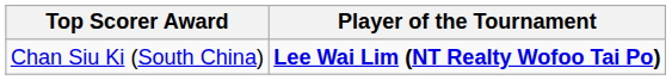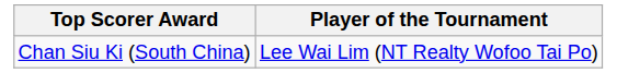 <table class="wikitable" style="margin: 0 auto;">
 <tr>
 <th>Top Scorer Award</th>
 <th>Player of the Tournament</th>
 </tr>
 <tr>
 <td> <a href='#'>Chan Siu Ki</a> (<a href='#'>South China</a>)</td>
-<td><strong> <a href='#'>Lee Wai Lim</a> (<a href='#'>NT Realty Wofoo Tai Po</a>)</strong></td>
+<td> <a href='#'>Lee Wai Lim</a> (<a href='#'>NT Realty Wofoo Tai Po</a>)</td>
 </tr>
 </table>
